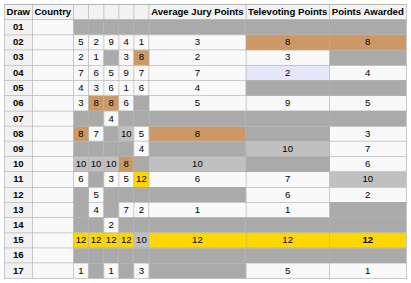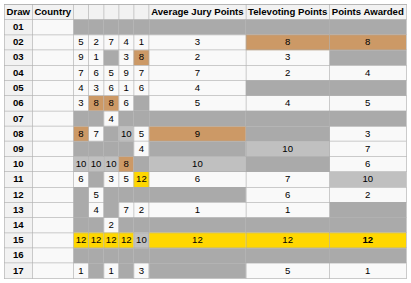 <table class="sortable wikitable collapsible plainrowheaders" style="text-align:center;">
 <tr>
 </tr>
 <tr>
 <th scope="col">Draw</th>
 <th scope="col">Country</th>
 <th scope="col"><small></small></th>
 <th scope="col"><small></small></th>
 <th scope="col"><small></small></th>
 <th scope="col"><small></small></th>
 <th scope="col"><small></small></th>
 <th scope="col">Average Jury Points</th>
 <th scope="col">Televoting Points</th>
 <th scope="col">Points Awarded</th>
 </tr>
 <tr>
 <th scope="row" style="text-align:center;">01</th>
 <td style="text-align:left;"></td>
 <td style="background:#AAAAAA;"></td>
 <td style="background:#AAAAAA;"></td>
 <td style="background:#AAAAAA;"></td>
 <td style="background:#AAAAAA;"></td>
 <td style="background:#AAAAAA;"></td>
 <td style="background:#AAAAAA;"></td>
 <td style="background:#AAAAAA;"></td>
 <td style="background:#AAAAAA;"></td>
 </tr>
 <tr>
 <th scope="row" style="text-align:center;">02</th>
 <td style="text-align:left;"></td>
 <td>5</td>
 <td>2</td>
-<td>9</td>
+<td>7</td>
 <td>4</td>
 <td>1</td>
 <td>3</td>
 <td style="background:#CC9966;">8</td>
 <td style="background:#CC9966;">8</td>
 </tr>
 <tr>
 <th scope="row" style="text-align:center;">03</th>
 <td style="text-align:left;"></td>
-<td>2</td>
+<td>9</td>
 <td>1</td>
 <td style="background:#AAAAAA;"></td>
 <td>3</td>
 <td style="background:#CC9966;">8</td>
 <td>2</td>
 <td>3</td>
 <td style="background:#AAAAAA;"></td>
 </tr>
 <tr>
 <th scope="row" style="text-align:center;">04</th>
 <td style="text-align:left;"></td>
 <td>7</td>
 <td>6</td>
 <td>5</td>
 <td>9</td>
 <td>7</td>
 <td>7</td>
-<td style="background: lavender;">2</td>
+<td>2</td>
 <td>4</td>
 </tr>
 <tr>
 <th scope="row" style="text-align:center;">05</th>
 <td style="text-align:left;"></td>
 <td>4</td>
 <td>3</td>
 <td>6</td>
 <td>1</td>
 <td>6</td>
 <td>4</td>
 <td style="background:#AAAAAA;"></td>
 <td style="background:#AAAAAA;"></td>
 </tr>
 <tr>
 <th scope="row" style="text-align:center;">06</th>
 <td style="text-align:left;"></td>
 <td>3</td>
 <td style="background:#CC9966;">8</td>
 <td style="background:#CC9966;">8</td>
 <td>6</td>
 <td style="background:#AAAAAA;"></td>
 <td>5</td>
-<td>9</td>
+<td>4</td>
 <td>5</td>
 </tr>
 <tr>
 <th scope="row" style="text-align:center;">07</th>
 <td style="text-align:left;"></td>
 <td style="background:#AAAAAA;"></td>
 <td style="background:#AAAAAA;"></td>
 <td>4</td>
 <td style="background:#AAAAAA;"></td>
 <td style="background:#AAAAAA;"></td>
 <td style="background:#AAAAAA;"></td>
 <td style="background:#AAAAAA;"></td>
 <td style="background:#AAAAAA;"></td>
 </tr>
 <tr>
 <th scope="row" style="text-align:center;">08</th>
 <td style="text-align:left;"></td>
 <td style="background:#CC9966;">8</td>
 <td>7</td>
 <td style="background:#AAAAAA;"></td>
 <td style="background:silver;">10</td>
 <td>5</td>
-<td style="background:#CC9966;">8</td>
+<td style="background:#CC9966;">9</td>
 <td style="background:#AAAAAA;"></td>
 <td>3</td>
 </tr>
 <tr>
 <th scope="row" style="text-align:center;">09</th>
 <td style="text-align:left;"></td>
 <td style="background:#AAAAAA;"></td>
 <td style="background:#AAAAAA;"></td>
 <td style="background:#AAAAAA;"></td>
 <td style="background:#AAAAAA;"></td>
 <td>4</td>
 <td style="background:#AAAAAA;"></td>
 <td style="background:silver;">10</td>
 <td>7</td>
 </tr>
 <tr>
 <th scope="row" style="text-align:center;">10</th>
 <td style="text-align:left;"></td>
 <td style="background:silver;">10</td>
 <td style="background:silver;">10</td>
 <td style="background:silver;">10</td>
 <td style="background:#CC9966;">8</td>
 <td style="background:#AAAAAA;"></td>
 <td style="background:silver;">10</td>
 <td style="background:#AAAAAA;"></td>
 <td>6</td>
 </tr>
 <tr>
 <th scope="row" style="text-align:center;">11</th>
 <td style="text-align:left;"></td>
 <td>6</td>
 <td style="background:#AAAAAA;"></td>
 <td>3</td>
 <td>5</td>
 <td style="background:gold;">12</td>
 <td>6</td>
 <td>7</td>
 <td style="background:silver;">10</td>
 </tr>
 <tr>
 <th scope="row" style="text-align:center;">12</th>
 <td style="text-align:left;"></td>
 <td style="background:#AAAAAA;"></td>
 <td>5</td>
 <td style="background:#AAAAAA;"></td>
 <td style="background:#AAAAAA;"></td>
 <td style="background:#AAAAAA;"></td>
 <td style="background:#AAAAAA;"></td>
 <td>6</td>
 <td>2</td>
 </tr>
 <tr>
 <th scope="row" style="text-align:center;">13</th>
 <td style="text-align:left;"></td>
 <td style="background:#AAAAAA;"></td>
 <td>4</td>
 <td style="background:#AAAAAA;"></td>
 <td>7</td>
 <td>2</td>
 <td>1</td>
 <td>1</td>
 <td style="background:#AAAAAA;"></td>
 </tr>
 <tr>
 <th scope="row" style="text-align:center;">14</th>
 <td style="text-align:left;"></td>
 <td style="background:#AAAAAA;"></td>
 <td style="background:#AAAAAA;"></td>
 <td>2</td>
 <td style="background:#AAAAAA;"></td>
 <td style="background:#AAAAAA;"></td>
 <td style="background:#AAAAAA;"></td>
 <td style="background:#AAAAAA;"></td>
 <td style="background:#AAAAAA;"></td>
 </tr>
 <tr>
 <th scope="row" style="text-align:center;">15</th>
 <td style="text-align:left;"></td>
 <td style="background:gold;">12</td>
 <td style="background:gold;">12</td>
 <td style="background:gold;">12</td>
 <td style="background:gold;">12</td>
 <td style="background:silver;">10</td>
 <td style="background:gold;">12</td>
 <td style="background:gold;">12</td>
 <td style="background:gold;"><strong>12</strong></td>
 </tr>
 <tr class="sortbottom">
 <th scope="row" style="text-align:center;">16</th>
 <td style="text-align:left;"></td>
 <td style="background:#AAAAAA;"></td>
 <td style="background:#AAAAAA;"></td>
 <td style="background:#AAAAAA;"></td>
 <td style="background:#AAAAAA;"></td>
 <td style="background:#AAAAAA;"></td>
 <td style="background:#AAAAAA;"></td>
 <td style="background:#AAAAAA;"></td>
 <td style="background:#AAAAAA;"></td>
 </tr>
 <tr>
 <th scope="row" style="text-align:center;">17</th>
 <td style="text-align:left;"></td>
 <td>1</td>
 <td style="background:#AAAAAA;"></td>
 <td>1</td>
 <td style="background:#AAAAAA;"></td>
 <td>3</td>
 <td style="background:#AAAAAA;"></td>
 <td>5</td>
 <td>1</td>
 </tr>
 </table>
